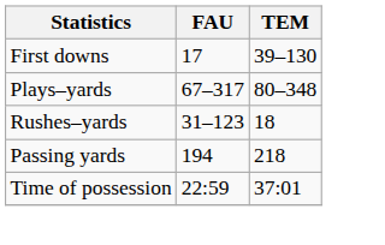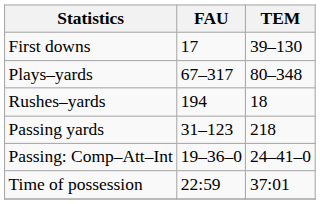 <table class="wikitable" style="float: left;">
 <tr>
 <th>Statistics</th>
 <th>FAU</th>
 <th>TEM</th>
 </tr>
 <tr>
 <td>First downs</td>
 <td>17</td>
 <td>39–130</td>
 </tr>
 <tr>
 <td>Plays–yards</td>
 <td>67–317</td>
 <td>80–348</td>
 </tr>
 <tr>
 <td>Rushes–yards</td>
-<td>31–123</td>
+<td>194</td>
 <td>18</td>
 </tr>
 <tr>
 <td>Passing yards</td>
-<td>194</td>
+<td>31–123</td>
 <td>218</td>
+</tr>
+<tr>
+<td>Passing: Comp–Att–Int</td>
+<td>19–36–0</td>
+<td>24–41–0</td>
 </tr>
 <tr>
 <td>Time of possession</td>
 <td>22:59</td>
 <td>37:01</td>
 </tr>
 <tr>
 </tr>
 </table>
